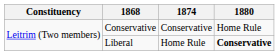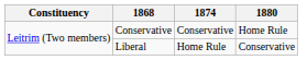 <table class="wikitable">
 <tr>
 <th>Constituency</th>
 <th>1868</th>
 <th>1874</th>
 <th>1880</th>
 </tr>
 <tr>
 <td rowspan="2"><a href='#'>Leitrim</a> (Two members)</td>
 <td>Conservative</td>
 <td>Conservative</td>
 <td>Home Rule</td>
 </tr>
 <tr>
 <td>Liberal</td>
 <td>Home Rule</td>
-<td><strong>Conservative</strong></td>
+<td>Conservative</td>
 </tr>
 </table>
